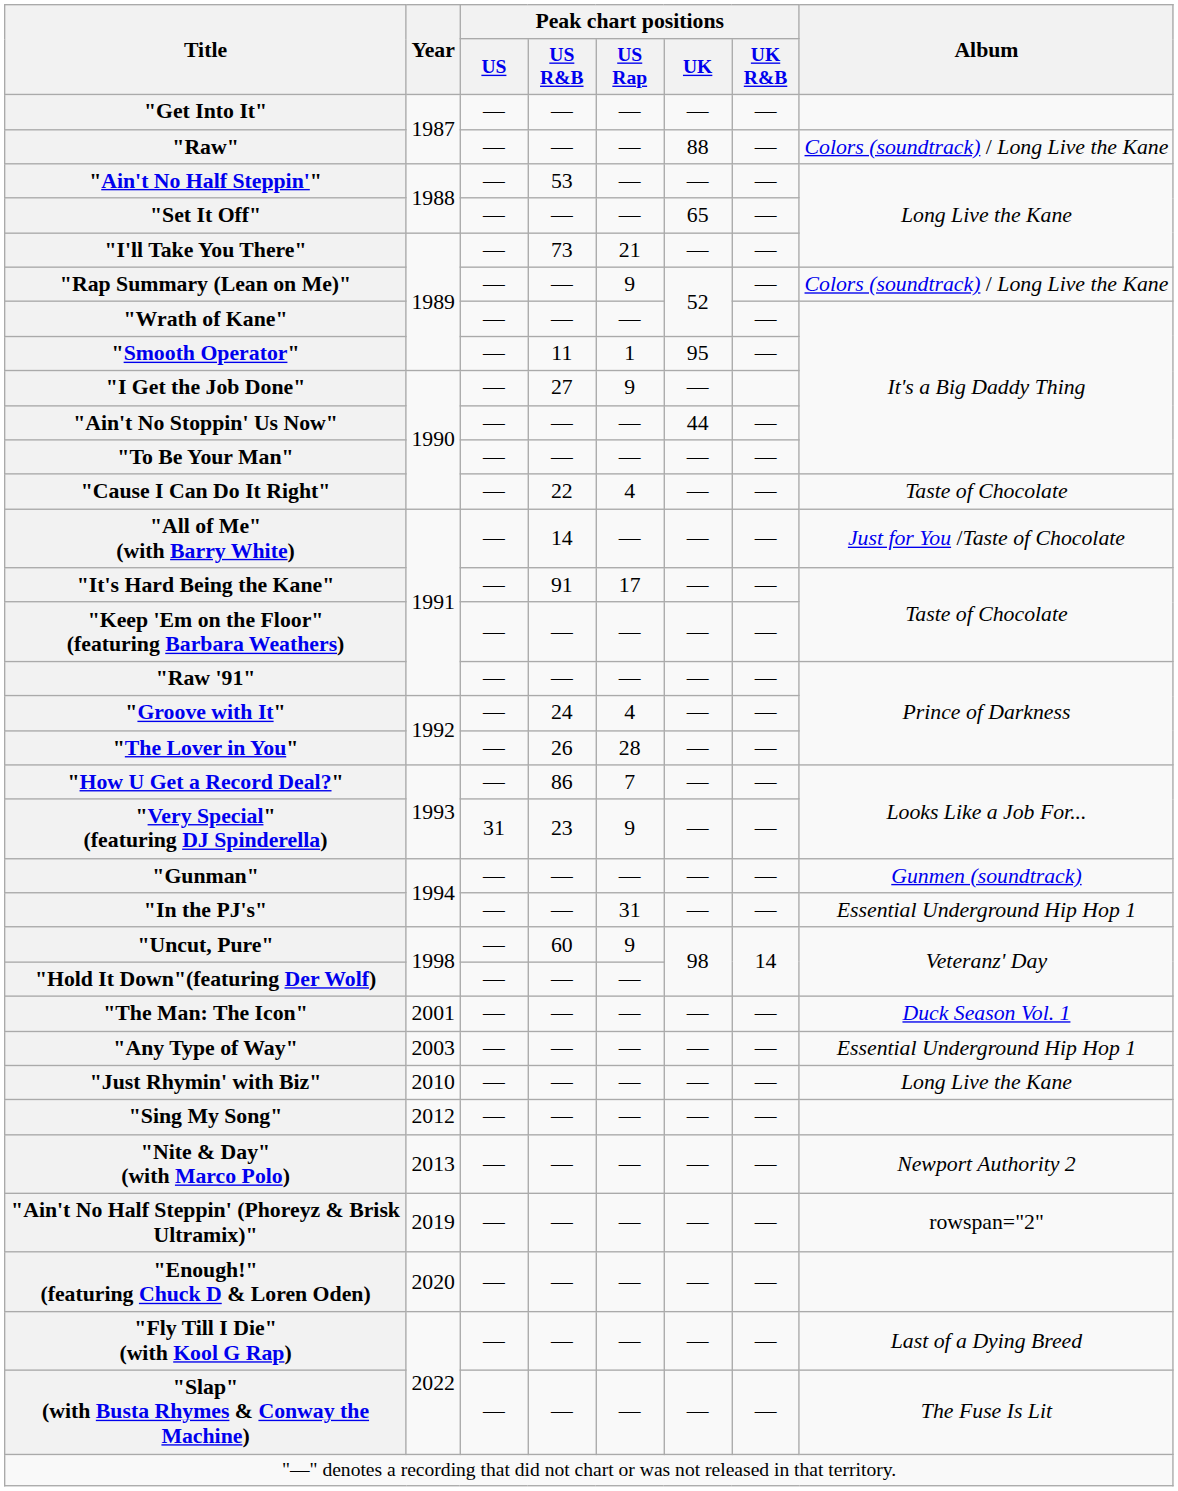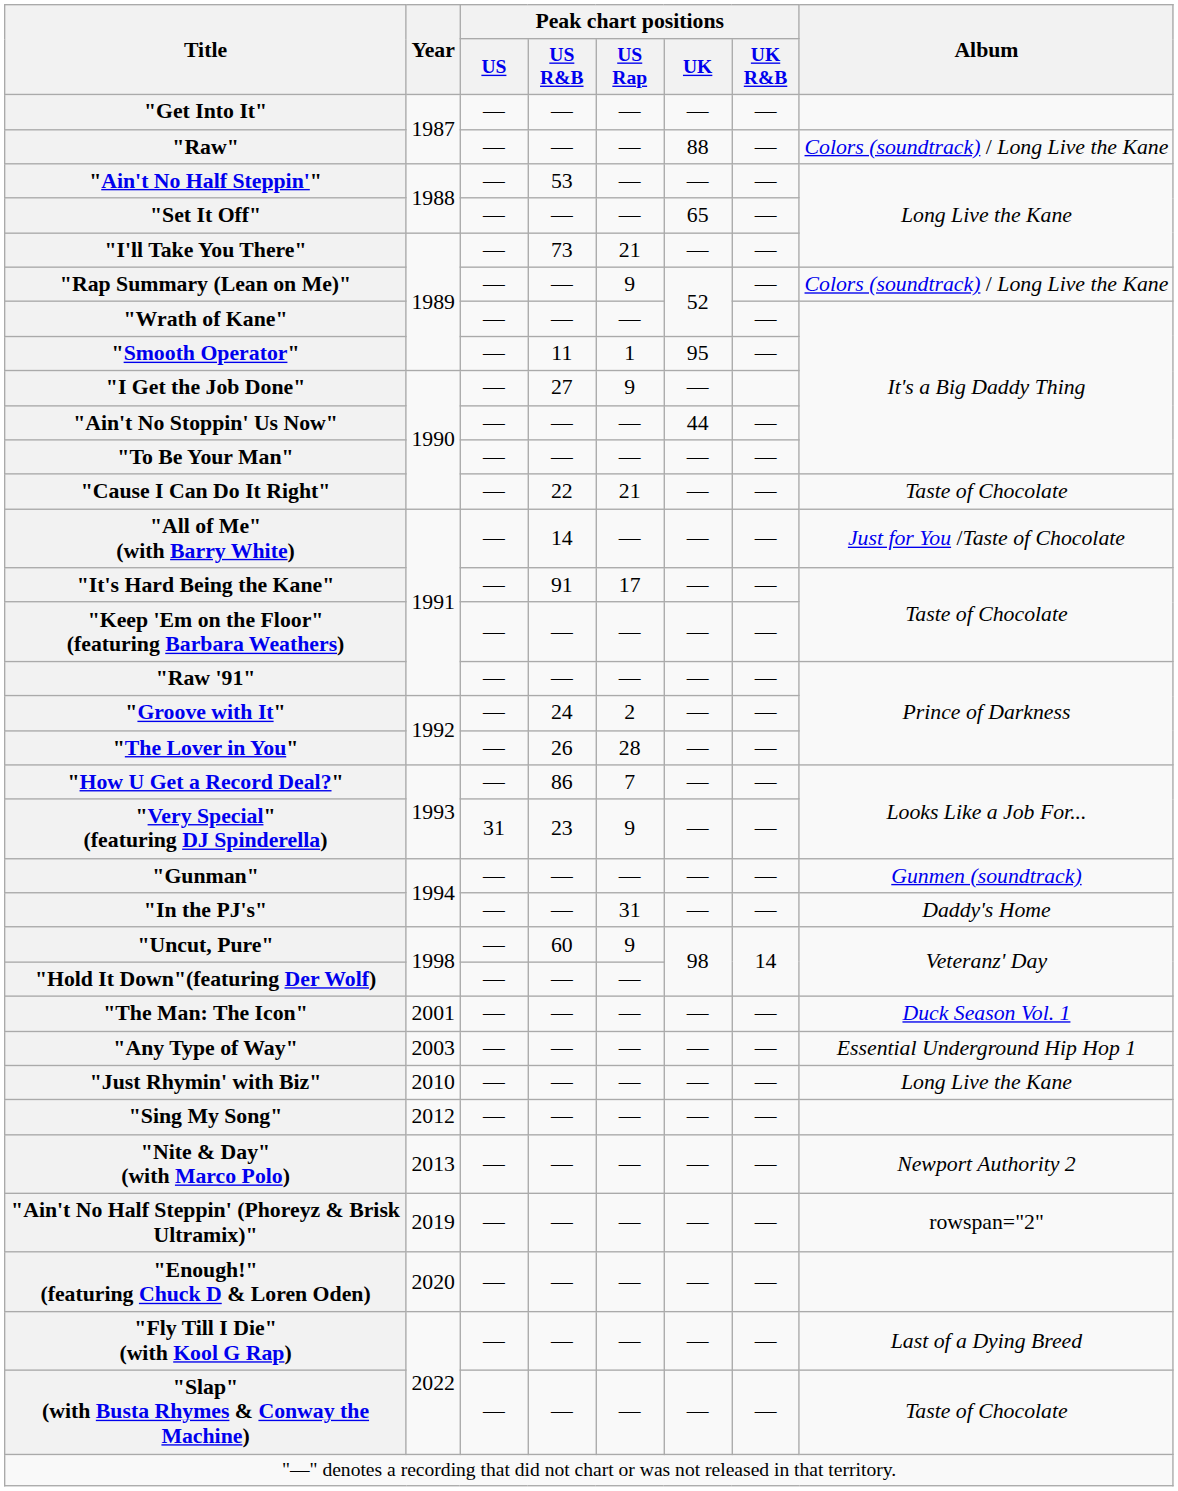 <table class="wikitable plainrowheaders" style="text-align:center;" border="1">
 <tr>
 <th scope="col" rowspan="2" style="width:18em;">Title</th>
 <th scope="col" rowspan="2">Year</th>
 <th scope="col" colspan="5">Peak chart positions</th>
 <th scope="col" rowspan="2">Album</th>
 </tr>
 <tr>
 <th scope="col" style="width:3em;font-size:90%;"><a href='#'>US</a><br></th>
 <th scope="col" style="width:3em;font-size:90%;"><a href='#'>US R&B</a><br></th>
 <th scope="col" style="width:3em;font-size:90%;"><a href='#'>US<br>Rap</a><br></th>
 <th scope="col" style="width:3em;font-size:90%;"><a href='#'>UK</a><br></th>
 <th scope="col" style="width:3em;font-size:90%;"><a href='#'>UK R&B</a><br></th>
 </tr>
 <tr>
 <th scope="row">"Get Into It"</th>
 <td rowspan="2">1987</td>
 <td>—</td>
 <td>—</td>
 <td>—</td>
 <td>—</td>
 <td>—</td>
 <td></td>
 </tr>
 <tr>
 <th scope="row">"Raw"</th>
 <td>—</td>
 <td>—</td>
 <td>—</td>
 <td>88</td>
 <td>—</td>
 <td><em><a href='#'>Colors (soundtrack)</a></em> / <em>Long Live the Kane</em></td>
 </tr>
 <tr>
 <th scope="row">"<a href='#'>Ain't No Half Steppin'</a>"</th>
 <td align="center" rowspan="2">1988</td>
 <td>—</td>
 <td>53</td>
 <td>—</td>
 <td>—</td>
 <td>—</td>
 <td align="center" rowspan="3"><em>Long Live the Kane</em></td>
 </tr>
 <tr>
 <th scope="row">"Set It Off"</th>
 <td>—</td>
 <td>—</td>
 <td>—</td>
 <td>65</td>
 <td>—</td>
 </tr>
 <tr>
 <th scope="row">"I'll Take You There"</th>
 <td align="center" rowspan="4">1989</td>
 <td>—</td>
 <td>73</td>
 <td>21</td>
 <td>—</td>
 <td>—</td>
 </tr>
 <tr>
 <th scope="row">"Rap Summary (Lean on Me)"</th>
 <td>—</td>
 <td>—</td>
 <td>9</td>
 <td rowspan="2">52</td>
 <td>—</td>
 <td><em><a href='#'>Colors (soundtrack)</a></em> / <em>Long Live the Kane</em></td>
 </tr>
 <tr>
 <th scope="row">"Wrath of Kane"</th>
 <td>—</td>
 <td>—</td>
 <td>—</td>
 <td>—</td>
 <td align="center" rowspan="5"><em>It's a Big Daddy Thing</em></td>
 </tr>
 <tr>
 <th scope="row">"<a href='#'>Smooth Operator</a>"</th>
 <td>—</td>
 <td>11</td>
 <td>1</td>
 <td>95</td>
 <td>—</td>
 </tr>
 <tr>
 <th scope="row">"I Get the Job Done"</th>
 <td align="center" rowspan="4">1990</td>
 <td>—</td>
 <td>27</td>
 <td>9</td>
 <td>—</td>
 </tr>
 <tr>
 <th scope="row">"Ain't No Stoppin' Us Now"</th>
 <td>—</td>
 <td>—</td>
 <td>—</td>
 <td>44</td>
 <td>—</td>
 </tr>
 <tr>
 <th scope="row">"To Be Your Man"</th>
 <td>—</td>
 <td>—</td>
 <td>—</td>
 <td>—</td>
 <td>—</td>
 </tr>
 <tr>
 <th scope="row">"Cause I Can Do It Right"</th>
 <td>—</td>
 <td>22</td>
-<td>4</td>
+<td>21</td>
 <td>—</td>
 <td>—</td>
 <td><em>Taste of Chocolate</em></td>
 </tr>
 <tr>
 <th scope="row">"All of Me"<br><span>(with <a href='#'>Barry White</a>)</span></th>
 <td align="center" rowspan="4">1991</td>
 <td>—</td>
 <td>14</td>
 <td>—</td>
 <td>—</td>
 <td>—</td>
 <td><em><a href='#'>Just for You</a></em> /<em>Taste of Chocolate</em></td>
 </tr>
 <tr>
 <th scope="row">"It's Hard Being the Kane"</th>
 <td>—</td>
 <td>91</td>
 <td>17</td>
 <td>—</td>
 <td>—</td>
 <td align="center" rowspan="2"><em>Taste of Chocolate</em></td>
 </tr>
 <tr>
 <th scope="row">"Keep 'Em on the Floor" <br><span>(featuring <a href='#'>Barbara Weathers</a>)</span></th>
 <td>—</td>
 <td>—</td>
 <td>—</td>
 <td>—</td>
 <td>—</td>
 </tr>
 <tr>
 <th scope="row">"Raw '91"</th>
 <td>—</td>
 <td>—</td>
 <td>—</td>
 <td>—</td>
 <td>—</td>
 <td align="center" rowspan="3"><em>Prince of Darkness</em></td>
 </tr>
 <tr>
 <th scope="row">"<a href='#'>Groove with It</a>"</th>
 <td align="center" rowspan="2">1992</td>
 <td>—</td>
 <td>24</td>
-<td>4</td>
+<td>2</td>
 <td>—</td>
 <td>—</td>
 </tr>
 <tr>
 <th scope="row">"<a href='#'>The Lover in You</a>"</th>
 <td>—</td>
 <td>26</td>
 <td>28</td>
 <td>—</td>
 <td>—</td>
 </tr>
 <tr>
 <th scope="row">"<a href='#'>How U Get a Record Deal?</a>"</th>
 <td align="center" rowspan="2">1993</td>
 <td>—</td>
 <td>86</td>
 <td>7</td>
 <td>—</td>
 <td>—</td>
 <td align="center" rowspan="2"><em>Looks Like a Job For...</em></td>
 </tr>
 <tr>
 <th scope="row">"<a href='#'>Very Special</a>"<br><span>(featuring <a href='#'>DJ Spinderella</a>)</span></th>
 <td>31</td>
 <td>23</td>
 <td>9</td>
 <td>—</td>
 <td>—</td>
 </tr>
 <tr>
 <th scope="row">"Gunman"</th>
 <td align="center" rowspan="2">1994</td>
 <td>—</td>
 <td>—</td>
 <td>—</td>
 <td>—</td>
 <td>—</td>
 <td align="center"><em><a href='#'>Gunmen (soundtrack)</a></em></td>
 </tr>
 <tr>
 <th scope="row">"In the PJ's"</th>
 <td>—</td>
 <td>—</td>
 <td>31</td>
 <td>—</td>
 <td>—</td>
-<td><em>Essential Underground Hip Hop 1</em></td>
+<td align="center"><em>Daddy's Home</em></td>
 </tr>
 <tr>
 <th scope="row">"Uncut, Pure"</th>
 <td rowspan="2">1998</td>
 <td>—</td>
 <td>60</td>
 <td>9</td>
 <td rowspan="2">98</td>
 <td rowspan="2">14</td>
 <td rowspan="2" align="center"><em>Veteranz' Day</em></td>
 </tr>
 <tr>
 <th scope="row">"Hold It Down"<span>(featuring <a href='#'>Der Wolf</a>)</span></th>
 <td>—</td>
 <td>—</td>
 <td>—</td>
 </tr>
 <tr>
 <th scope="row">"The Man: The Icon"</th>
 <td>2001</td>
 <td>—</td>
 <td>—</td>
 <td>—</td>
 <td>—</td>
 <td>—</td>
 <td><em><a href='#'>Duck Season Vol. 1</a></em></td>
 </tr>
 <tr>
 <th scope="row">"Any Type of Way"</th>
 <td>2003</td>
 <td>—</td>
 <td>—</td>
 <td>—</td>
 <td>—</td>
 <td>—</td>
 <td><em>Essential Underground Hip Hop 1</em></td>
 </tr>
 <tr>
 <th scope="row">"Just Rhymin' with Biz"</th>
 <td>2010</td>
 <td>—</td>
 <td>—</td>
 <td>—</td>
 <td>—</td>
 <td>—</td>
 <td><em>Long Live the Kane</em></td>
 </tr>
 <tr>
 <th scope="row">"Sing My Song"</th>
 <td>2012</td>
 <td>—</td>
 <td>—</td>
 <td>—</td>
 <td>—</td>
 <td>—</td>
 <td></td>
 </tr>
 <tr>
 <th scope="row">"Nite & Day"<br><span>(with <a href='#'>Marco Polo</a>)</span></th>
 <td>2013</td>
 <td>—</td>
 <td>—</td>
 <td>—</td>
 <td>—</td>
 <td>—</td>
 <td align="center"><em>Newport Authority 2</em></td>
 </tr>
 <tr>
 <th scope="row">"Ain't No Half Steppin' (Phoreyz & Brisk Ultramix)"</th>
 <td>2019</td>
 <td>—</td>
 <td>—</td>
 <td>—</td>
 <td>—</td>
 <td>—</td>
 <td>rowspan="2" </td>
 </tr>
 <tr>
 <th scope="row">"Enough!"<br><span>(featuring <a href='#'>Chuck D</a> & Loren Oden)</span></th>
 <td>2020</td>
 <td>—</td>
 <td>—</td>
 <td>—</td>
 <td>—</td>
 <td>—</td>
 </tr>
 <tr>
 <th scope="row">"Fly Till I Die"<br><span>(with <a href='#'>Kool G Rap</a>)</span></th>
 <td align="center" rowspan="2">2022</td>
 <td>—</td>
 <td>—</td>
 <td>—</td>
 <td>—</td>
 <td>—</td>
 <td><em>Last of a Dying Breed</em></td>
 </tr>
 <tr>
 <th scope="row">"Slap"<br><span>(with <a href='#'>Busta Rhymes</a> & <a href='#'>Conway the Machine</a>)</span></th>
 <td>—</td>
 <td>—</td>
 <td>—</td>
 <td>—</td>
 <td>—</td>
-<td><em>The Fuse Is Lit</em></td>
+<td><em>Taste of Chocolate</em></td>
 </tr>
 <tr>
 <td colspan="8" style="font-size:90%">"—" denotes a recording that did not chart or was not released in that territory.</td>
 </tr>
 </table>
